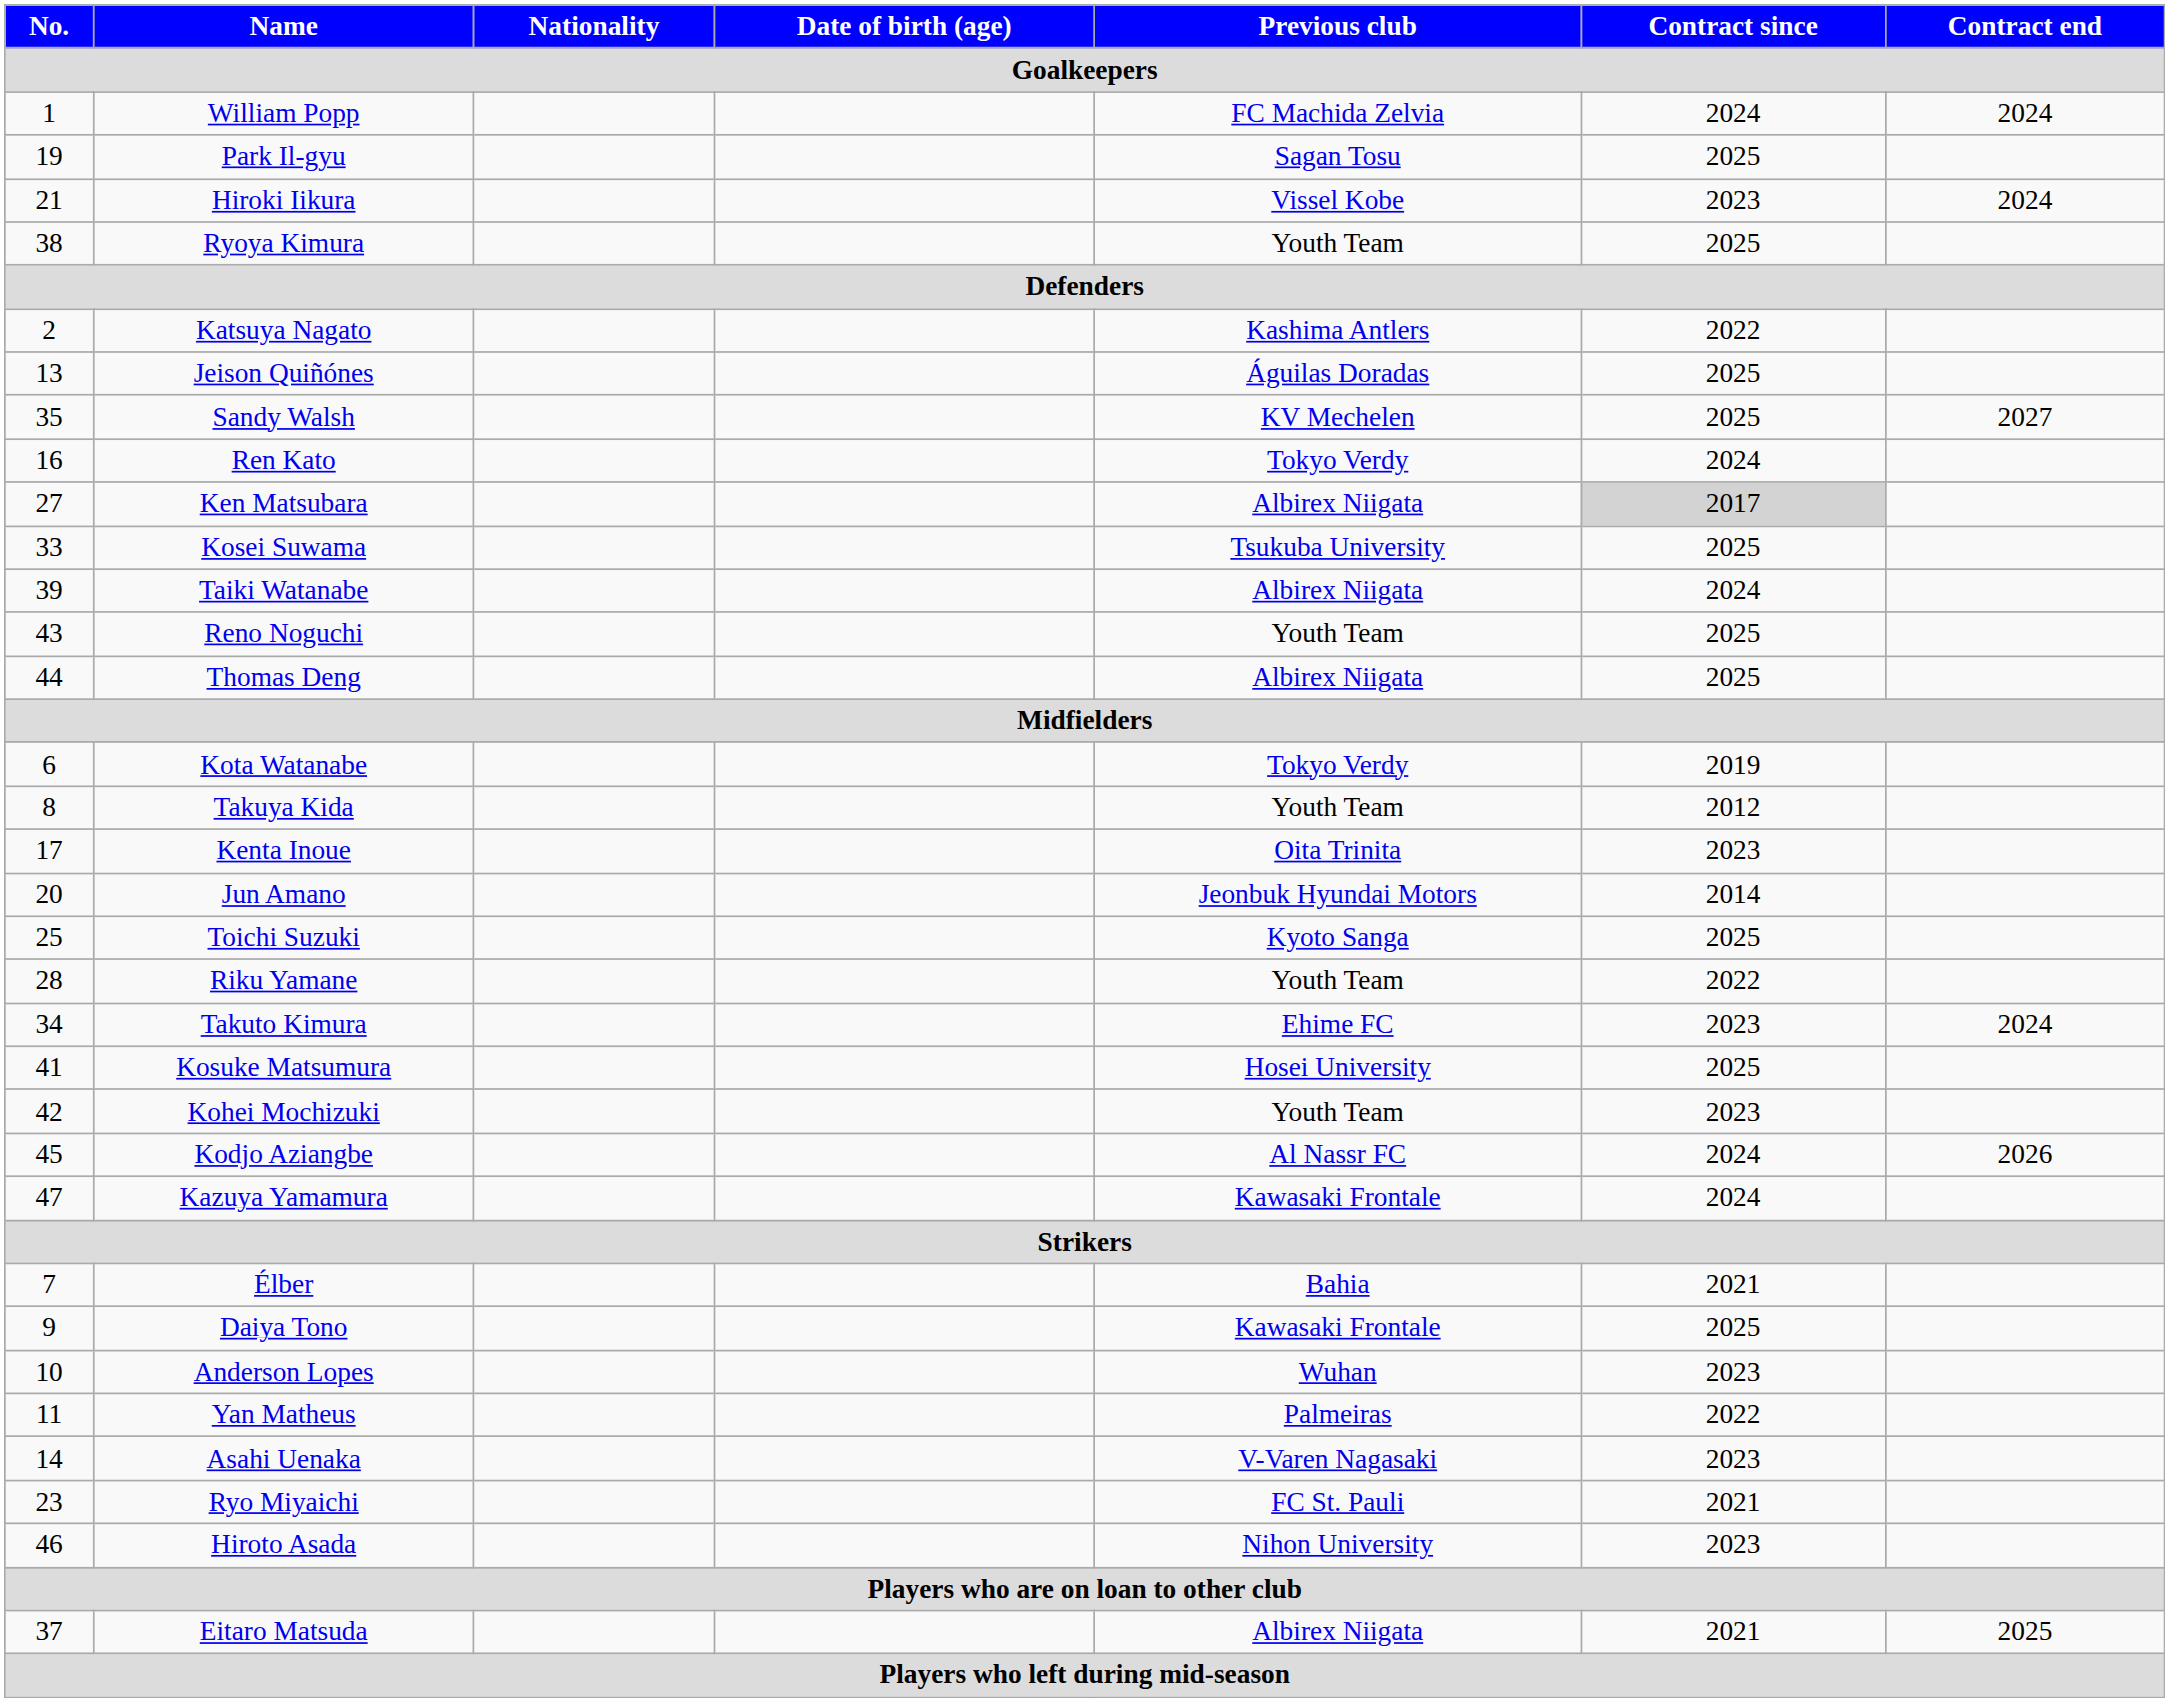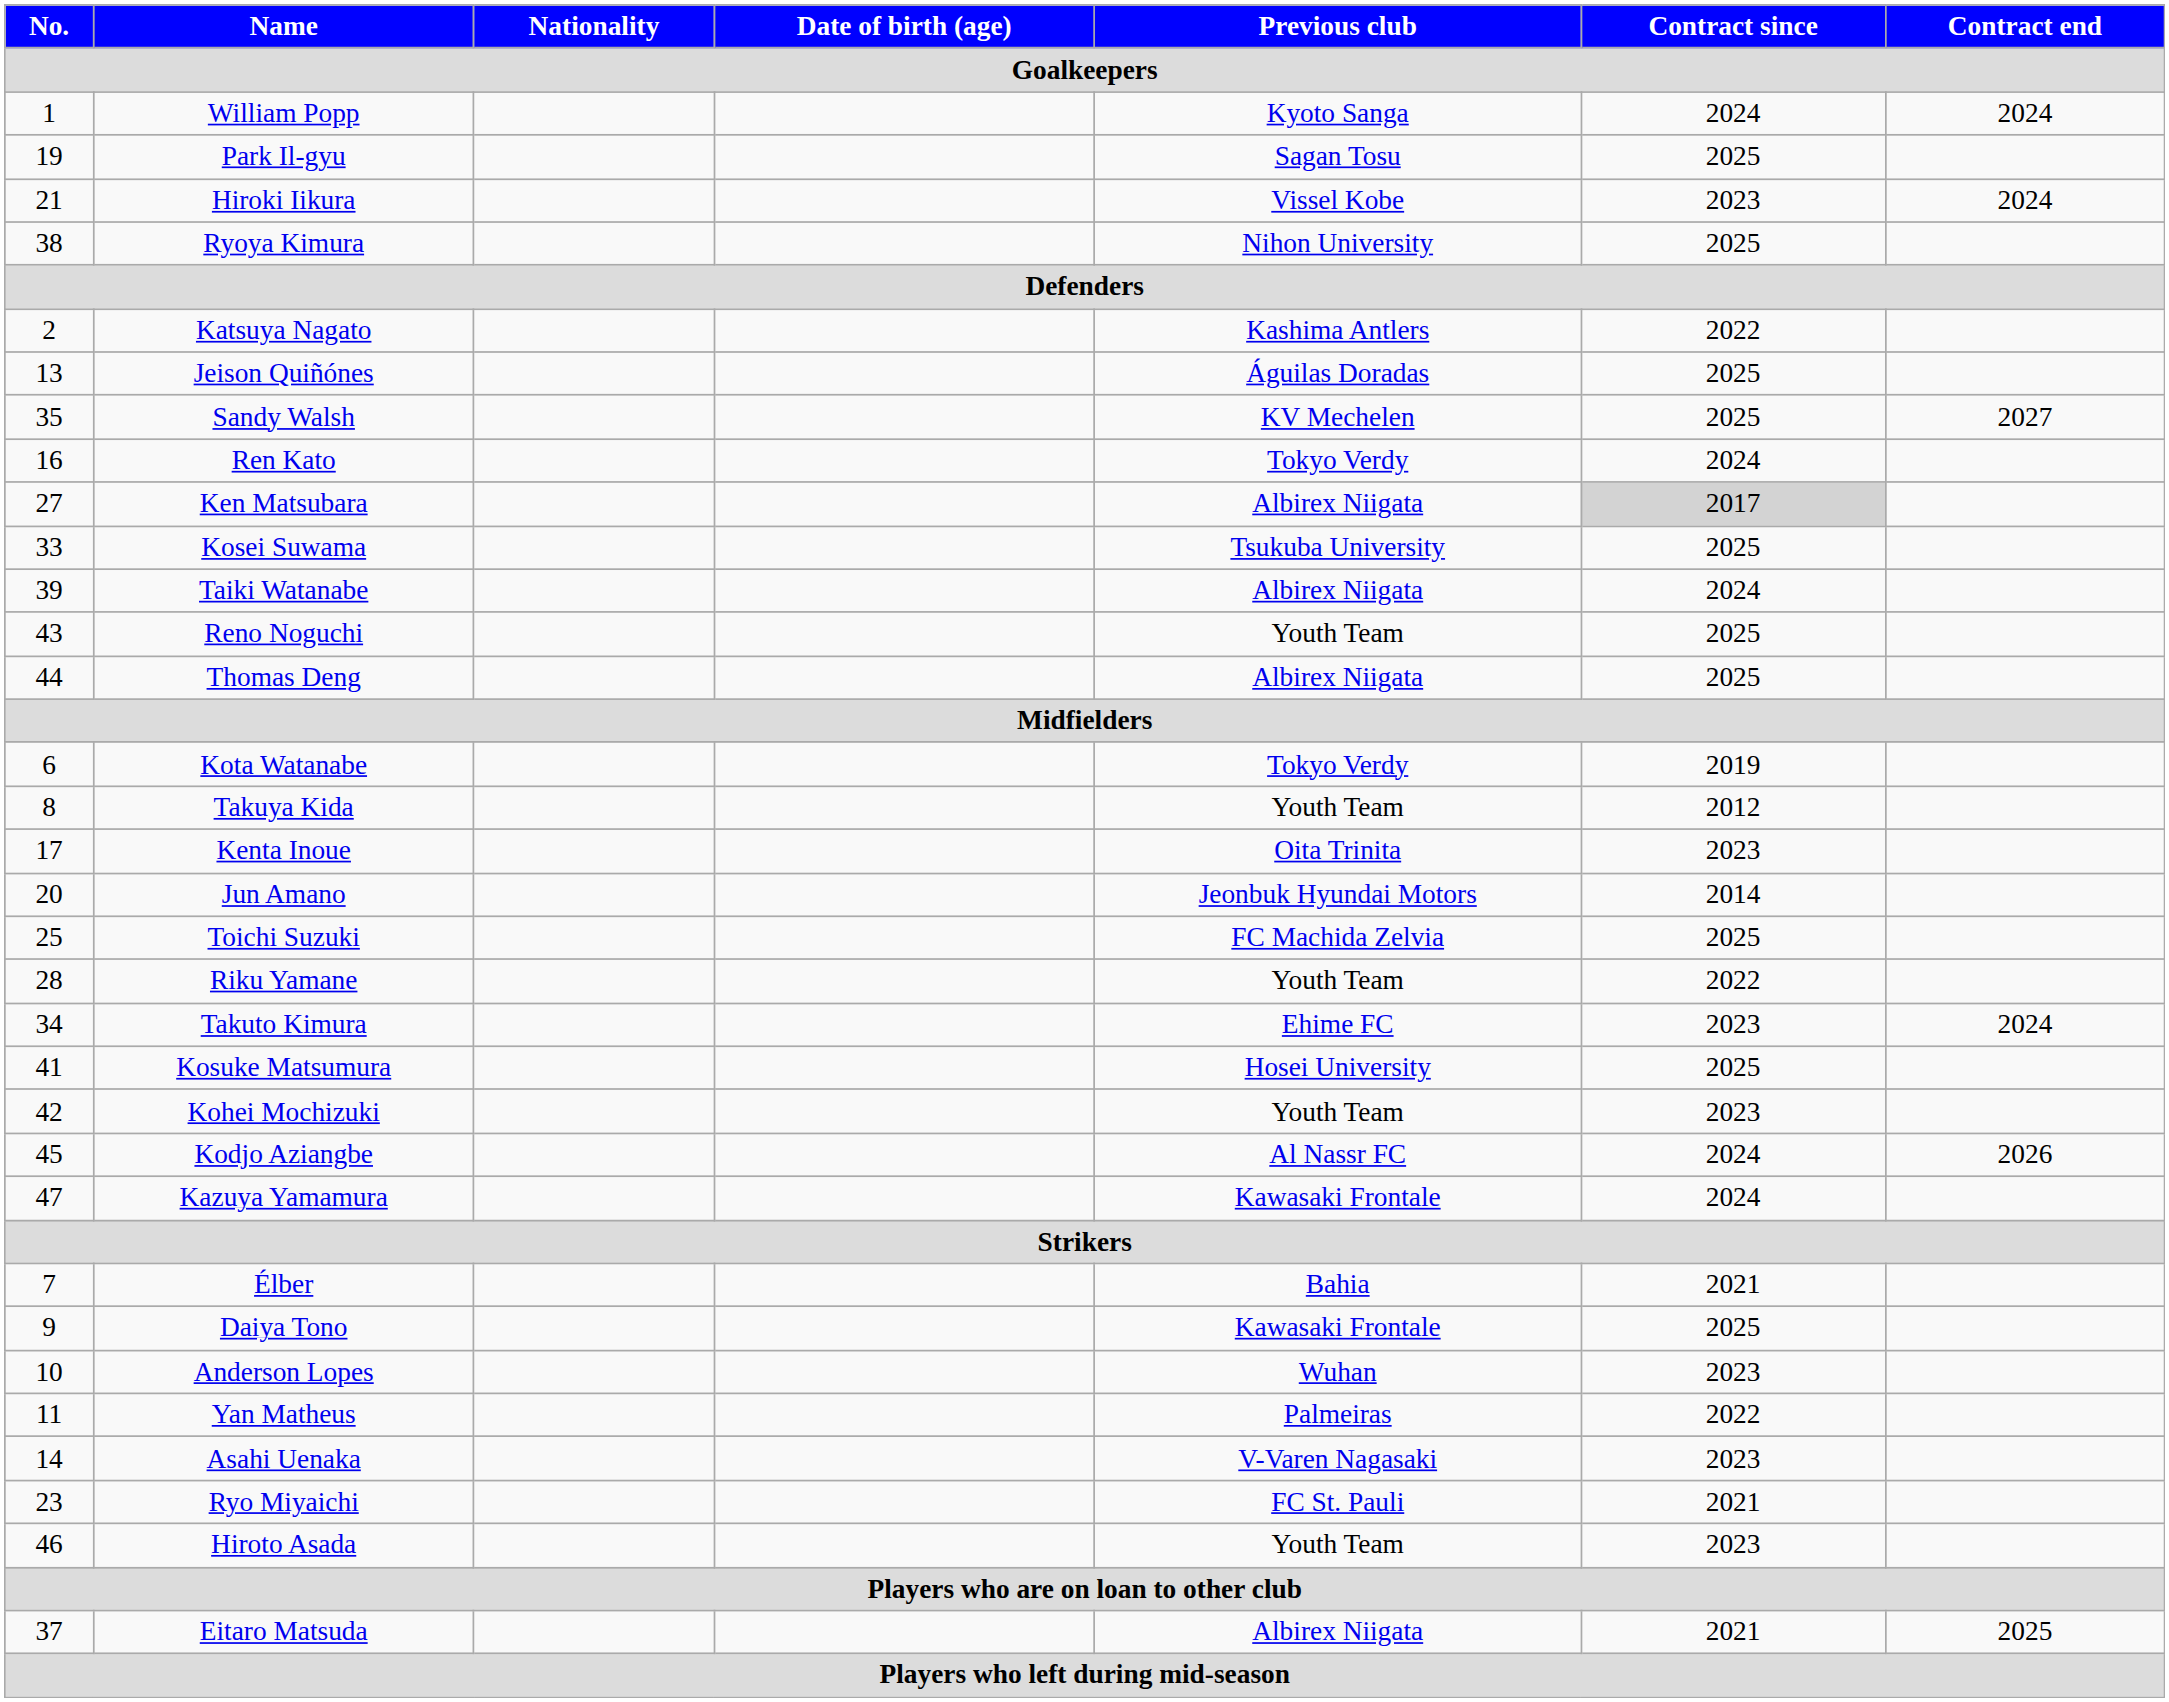 <table class="wikitable" style="text-align:center; font-size:100%; width:100%;">
 <tr>
 <th style="background:#0000FF;color:white; text-align:center;">No.</th>
 <th style="background:#0000FF;color:white; text-align:center;">Name</th>
 <th style="background:#0000FF;color:white; text-align:center;">Nationality</th>
 <th style="background:#0000FF;color:white; text-align:center;">Date of birth (age)</th>
 <th style="background:#0000FF;color:white; text-align:center;">Previous club</th>
 <th style="background:#0000FF;color:white; text-align:center;">Contract since</th>
 <th style="background:#0000FF;color:white; text-align:center;">Contract end</th>
 </tr>
 <tr>
 <th colspan="8" style="background:#dcdcdc; tepxt-align:center;">Goalkeepers</th>
 </tr>
 <tr>
 <td>1</td>
 <td><a href='#'>William Popp</a></td>
 <td></td>
 <td></td>
-<td> <a href='#'>FC Machida Zelvia</a></td>
+<td> <a href='#'>Kyoto Sanga</a></td>
 <td>2024</td>
 <td>2024</td>
 </tr>
 <tr>
 <td>19</td>
 <td><a href='#'>Park Il-gyu</a></td>
 <td></td>
 <td></td>
 <td> <a href='#'>Sagan Tosu</a></td>
 <td>2025</td>
 <td></td>
 </tr>
 <tr>
 <td>21</td>
 <td><a href='#'>Hiroki Iikura</a></td>
 <td></td>
 <td></td>
 <td> <a href='#'>Vissel Kobe</a></td>
 <td>2023</td>
 <td>2024</td>
 </tr>
 <tr>
 <td>38</td>
 <td><a href='#'>Ryoya Kimura</a></td>
 <td></td>
 <td></td>
-<td>Youth Team</td>
+<td> <a href='#'>Nihon University</a></td>
 <td>2025</td>
 <td></td>
 </tr>
 <tr>
 <th colspan="8" style="background:#dcdcdc; tepxt-align:center;">Defenders</th>
 </tr>
 <tr>
 <td>2</td>
 <td><a href='#'>Katsuya Nagato</a></td>
 <td></td>
 <td></td>
 <td> <a href='#'>Kashima Antlers</a></td>
 <td>2022</td>
 <td></td>
 </tr>
 <tr>
 <td>13</td>
 <td><a href='#'>Jeison Quiñónes</a></td>
 <td></td>
 <td></td>
 <td> <a href='#'>Águilas Doradas</a></td>
 <td>2025</td>
 <td></td>
 </tr>
 <tr>
 <td>35</td>
 <td><a href='#'>Sandy Walsh</a></td>
 <td></td>
 <td></td>
 <td> <a href='#'>KV Mechelen</a></td>
 <td>2025</td>
 <td>2027</td>
 </tr>
 <tr>
 <td>16</td>
 <td><a href='#'>Ren Kato</a></td>
 <td></td>
 <td></td>
 <td> <a href='#'>Tokyo Verdy</a></td>
 <td>2024</td>
 <td></td>
 </tr>
 <tr>
 <td>27</td>
 <td><a href='#'>Ken Matsubara</a></td>
 <td></td>
 <td></td>
 <td> <a href='#'>Albirex Niigata</a></td>
 <td style="background: lightgrey;">2017</td>
 <td></td>
 </tr>
 <tr>
 <td>33</td>
 <td><a href='#'>Kosei Suwama</a></td>
 <td></td>
 <td></td>
 <td> <a href='#'>Tsukuba University</a></td>
 <td>2025</td>
 <td></td>
 </tr>
 <tr>
 <td>39</td>
 <td><a href='#'>Taiki Watanabe</a></td>
 <td></td>
 <td></td>
 <td> <a href='#'>Albirex Niigata</a></td>
 <td>2024</td>
 <td></td>
 </tr>
 <tr>
 <td>43</td>
 <td><a href='#'>Reno Noguchi</a></td>
 <td></td>
 <td></td>
 <td>Youth Team</td>
 <td>2025</td>
 <td></td>
 </tr>
 <tr>
 <td>44</td>
 <td><a href='#'>Thomas Deng</a></td>
 <td></td>
 <td></td>
 <td> <a href='#'>Albirex Niigata</a></td>
 <td>2025</td>
 <td></td>
 </tr>
 <tr>
 <th colspan="8" style="background:#dcdcdc; tepxt-align:center;">Midfielders</th>
 </tr>
 <tr>
 <td>6</td>
 <td><a href='#'>Kota Watanabe</a></td>
 <td></td>
 <td></td>
 <td> <a href='#'>Tokyo Verdy</a></td>
 <td>2019</td>
 <td></td>
 </tr>
 <tr>
 <td>8</td>
 <td><a href='#'>Takuya Kida</a></td>
 <td></td>
 <td></td>
 <td>Youth Team</td>
 <td>2012</td>
 <td></td>
 </tr>
 <tr>
 <td>17</td>
 <td><a href='#'>Kenta Inoue</a></td>
 <td></td>
 <td></td>
 <td> <a href='#'>Oita Trinita</a></td>
 <td>2023</td>
 <td></td>
 </tr>
 <tr>
 <td>20</td>
 <td><a href='#'>Jun Amano</a></td>
 <td></td>
 <td></td>
 <td> <a href='#'>Jeonbuk Hyundai Motors</a></td>
 <td>2014</td>
 <td></td>
 </tr>
 <tr>
 <td>25</td>
 <td><a href='#'>Toichi Suzuki</a></td>
 <td></td>
 <td></td>
-<td> <a href='#'>Kyoto Sanga</a></td>
+<td> <a href='#'>FC Machida Zelvia</a></td>
 <td>2025</td>
 <td></td>
 </tr>
 <tr>
 <td>28</td>
 <td><a href='#'>Riku Yamane</a></td>
 <td></td>
 <td></td>
 <td>Youth Team</td>
 <td>2022</td>
 <td></td>
 </tr>
 <tr>
 <td>34</td>
 <td><a href='#'>Takuto Kimura</a></td>
 <td></td>
 <td></td>
 <td> <a href='#'>Ehime FC</a></td>
 <td>2023</td>
 <td>2024</td>
 </tr>
 <tr>
 <td>41</td>
 <td><a href='#'>Kosuke Matsumura</a></td>
 <td></td>
 <td></td>
 <td> <a href='#'>Hosei University</a></td>
 <td>2025</td>
 <td></td>
 </tr>
 <tr>
 <td>42</td>
 <td><a href='#'>Kohei Mochizuki</a></td>
 <td></td>
 <td></td>
 <td>Youth Team</td>
 <td>2023</td>
 <td></td>
 </tr>
 <tr>
 <td>45</td>
 <td><a href='#'>Kodjo Aziangbe</a></td>
 <td></td>
 <td></td>
 <td> <a href='#'>Al Nassr FC</a></td>
 <td>2024</td>
 <td>2026</td>
 </tr>
 <tr>
 <td>47</td>
 <td><a href='#'>Kazuya Yamamura</a></td>
 <td></td>
 <td></td>
 <td> <a href='#'>Kawasaki Frontale</a></td>
 <td>2024</td>
 <td></td>
 </tr>
 <tr>
 <th colspan="8" style="background:#dcdcdc; tepxt-align:center;">Strikers</th>
 </tr>
 <tr>
 <td>7</td>
 <td><a href='#'>Élber</a></td>
 <td></td>
 <td></td>
 <td> <a href='#'>Bahia</a></td>
 <td>2021</td>
 <td></td>
 </tr>
 <tr>
 <td>9</td>
 <td><a href='#'>Daiya Tono</a></td>
 <td></td>
 <td></td>
 <td> <a href='#'>Kawasaki Frontale</a></td>
 <td>2025</td>
 <td></td>
 </tr>
 <tr>
 <td>10</td>
 <td><a href='#'>Anderson Lopes</a></td>
 <td></td>
 <td></td>
 <td> <a href='#'>Wuhan</a></td>
 <td>2023</td>
 <td></td>
 </tr>
 <tr>
 <td>11</td>
 <td><a href='#'>Yan Matheus</a></td>
 <td></td>
 <td></td>
 <td> <a href='#'>Palmeiras</a></td>
 <td>2022</td>
 <td></td>
 </tr>
 <tr>
 <td>14</td>
 <td><a href='#'>Asahi Uenaka</a></td>
 <td></td>
 <td></td>
 <td> <a href='#'>V-Varen Nagasaki</a></td>
 <td>2023</td>
 <td></td>
 </tr>
 <tr>
 <td>23</td>
 <td><a href='#'>Ryo Miyaichi</a></td>
 <td></td>
 <td></td>
 <td> <a href='#'>FC St. Pauli</a></td>
 <td>2021</td>
 <td></td>
 </tr>
 <tr>
 <td>46</td>
 <td><a href='#'>Hiroto Asada</a></td>
 <td></td>
 <td></td>
-<td> <a href='#'>Nihon University</a></td>
+<td>Youth Team</td>
 <td>2023</td>
 <td></td>
 </tr>
 <tr>
 <th colspan="8" style="background:#dcdcdc; tepxt-align:center;">Players who are on loan to other club</th>
 </tr>
 <tr>
 <td>37</td>
 <td><a href='#'>Eitaro Matsuda</a></td>
 <td></td>
 <td></td>
 <td> <a href='#'>Albirex Niigata</a></td>
 <td>2021</td>
 <td>2025</td>
 </tr>
 <tr>
 <th colspan="8" style="background:#dcdcdc; tepxt-align:center;">Players who left during mid-season</th>
 </tr>
 <tr>
 </tr>
 </table>
